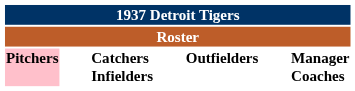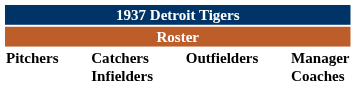 <table class="toccolours" style="font-size: 95%;">
 <tr>
 <th colspan="10" style="background-color: #003366; color: white; text-align: center;">1937 Detroit Tigers</th>
 </tr>
 <tr>
 <td colspan="10" style="background-color: #bd5d29; color: white; text-align: center;"><strong>Roster</strong></td>
 </tr>
 <tr>
-<td valign="top" style="background: pink;"><strong>Pitchers</strong><br>            </td>
+<td valign="top"><strong>Pitchers</strong><br>            </td>
 <td width="25px"></td>
 <td valign="top"><strong>Catchers</strong><br>     <strong>Infielders</strong>       </td>
 <td width="25px"></td>
 <td valign="top"><strong>Outfielders</strong><br>     </td>
 <td width="25px"></td>
 <td valign="top"><strong>Manager</strong><br> <strong>Coaches</strong>  </td>
 </tr>
 </table>
